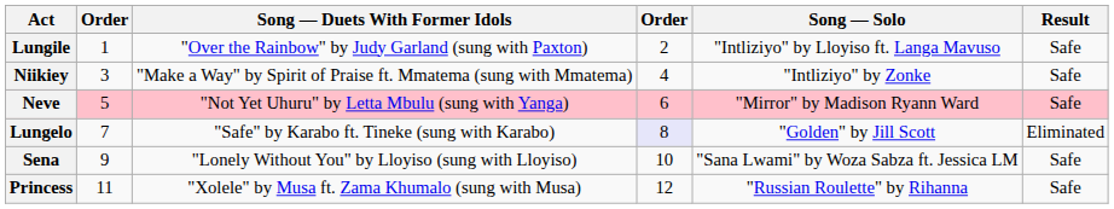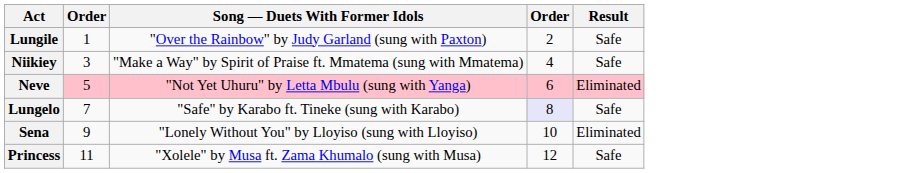 <table class="wikitable plainrowheaders" style="text-align:center;">
 <tr>
 <th scope"col">Act</th>
 <th scope"col">Order</th>
 <th scope"col">Song — Duets With Former Idols</th>
 <th scope"col">Order</th>
-<th scope"col">Song — Solo</th>
 <th scope"col">Result</th>
 </tr>
 <tr>
 <th scope=row>Lungile</th>
 <td>1</td>
 <td>"<a href='#'>Over the Rainbow</a>" by <a href='#'>Judy Garland</a> (sung with <a href='#'>Paxton</a>)</td>
 <td>2</td>
-<td>"Intliziyo" by Lloyiso ft. <a href='#'>Langa Mavuso</a></td>
 <td>Safe</td>
 </tr>
 <tr>
 <th scope=row>Niikiey</th>
 <td>3</td>
 <td>"Make a Way" by Spirit of Praise ft. Mmatema (sung with Mmatema)</td>
 <td>4</td>
-<td>"Intliziyo" by <a href='#'>Zonke</a></td>
 <td>Safe</td>
 </tr>
 <tr style="background: pink">
 <th scope=row>Neve</th>
 <td>5</td>
 <td>"Not Yet Uhuru" by <a href='#'>Letta Mbulu</a> (sung with <a href='#'>Yanga</a>)</td>
 <td>6</td>
-<td>"Mirror" by Madison Ryann Ward</td>
-<td>Safe</td>
+<td>Eliminated</td>
 </tr>
 <tr>
 <th scope=row>Lungelo</th>
 <td>7</td>
 <td>"Safe" by Karabo ft. Tineke (sung with Karabo)</td>
 <td style="background: lavender;">8</td>
-<td>"<a href='#'>Golden</a>" by <a href='#'>Jill Scott</a></td>
-<td>Eliminated</td>
+<td>Safe</td>
 </tr>
 <tr>
 <th scope=row>Sena</th>
 <td>9</td>
 <td>"Lonely Without You" by Lloyiso (sung with Lloyiso)</td>
 <td>10</td>
-<td>"Sana Lwami" by Woza Sabza ft. Jessica LM</td>
-<td>Safe</td>
+<td>Eliminated</td>
 </tr>
 <tr>
 <th scope=row>Princess</th>
 <td>11</td>
 <td>"Xolele" by <a href='#'>Musa</a> ft. <a href='#'>Zama Khumalo</a> (sung with Musa)</td>
 <td>12</td>
-<td>"<a href='#'>Russian Roulette</a>" by <a href='#'>Rihanna</a></td>
 <td>Safe</td>
 </tr>
 </table>
